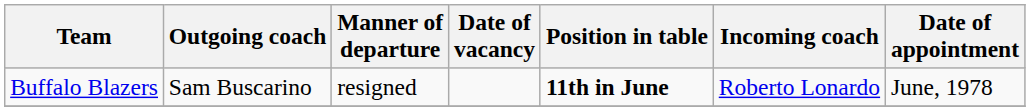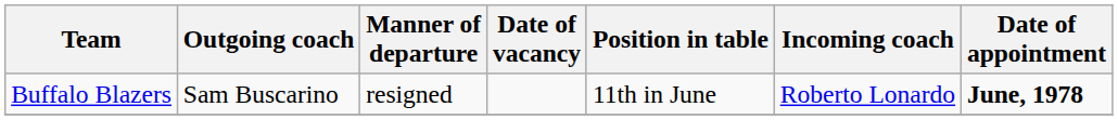 <table class="wikitable sortable">
 <tr>
 <th>Team</th>
 <th>Outgoing coach</th>
 <th>Manner of <br> departure</th>
 <th>Date of <br> vacancy</th>
 <th>Position in table</th>
 <th>Incoming coach</th>
 <th>Date of <br> appointment</th>
 </tr>
 <tr>
 <td><a href='#'>Buffalo Blazers</a></td>
 <td>Sam Buscarino</td>
 <td>resigned</td>
 <td></td>
-<td><strong>11th in June</strong></td>
+<td>11th in June</td>
 <td><a href='#'>Roberto Lonardo</a></td>
-<td>June, 1978</td>
+<td><strong>June, 1978</strong></td>
 </tr>
 <tr>
 </tr>
 </table>
